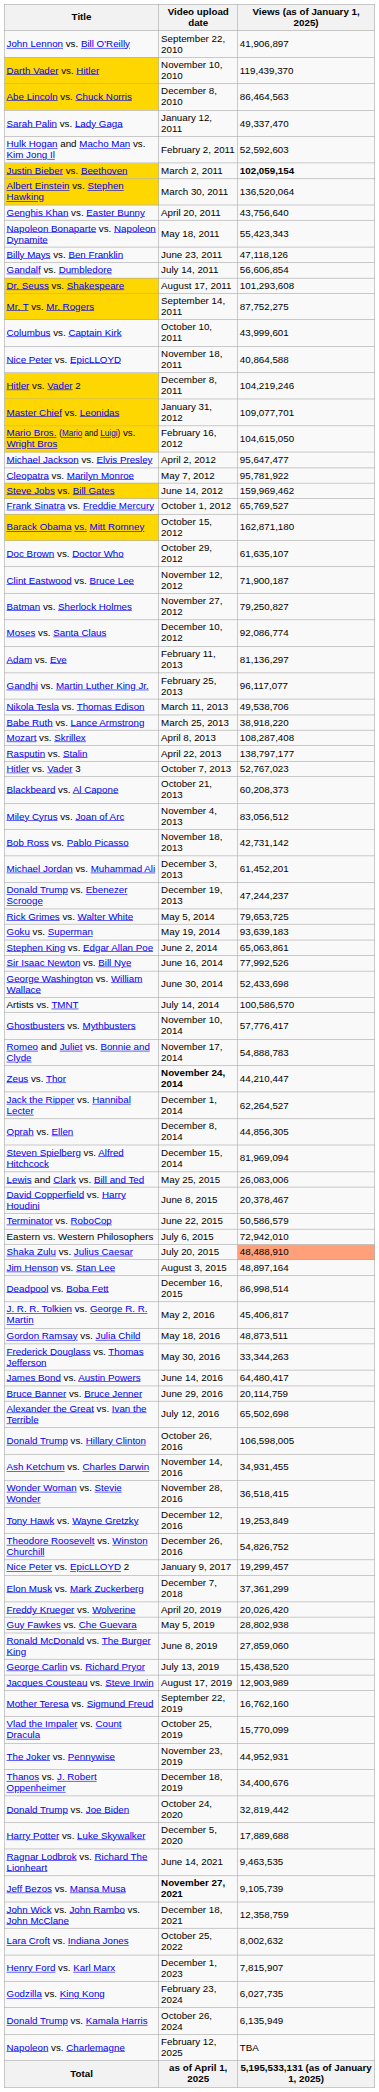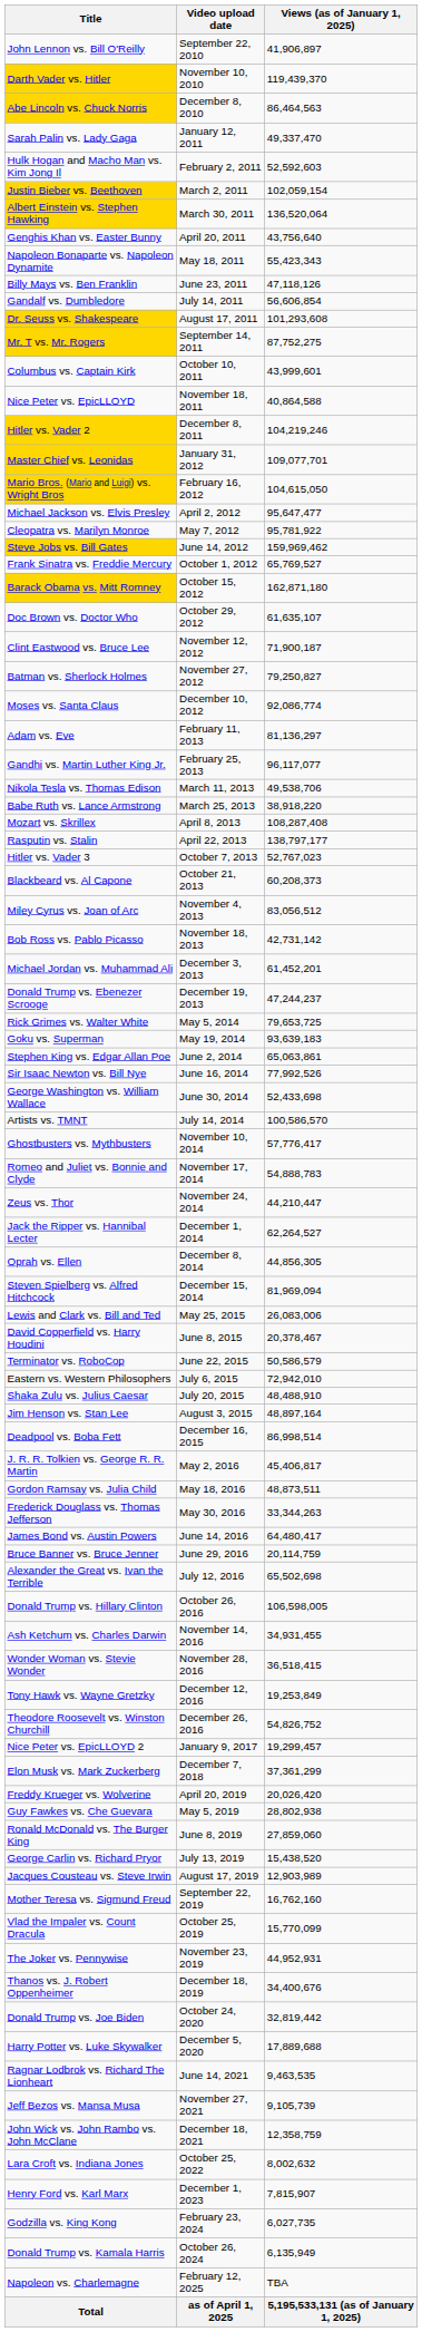 <table class="wikitable sortable collapsible">
 <tr>
 <th>Title</th>
 <th>Video upload date</th>
 <th>Views (as of January 1, 2025)</th>
 </tr>
 <tr>
 <td><a href='#'>John Lennon</a> vs. <a href='#'>Bill O'Reilly</a></td>
 <td>September 22, 2010</td>
 <td>41,906,897</td>
 </tr>
 <tr>
 <td style="background-color:#FFD700"><a href='#'>Darth Vader</a> vs. <a href='#'>Hitler</a></td>
 <td>November 10, 2010</td>
 <td>119,439,370</td>
 </tr>
 <tr>
 <td style="background-color:#FFD700"><a href='#'>Abe Lincoln</a> vs. <a href='#'>Chuck Norris</a></td>
 <td>December 8, 2010</td>
 <td>86,464,563</td>
 </tr>
 <tr>
 <td><a href='#'>Sarah Palin</a> vs. <a href='#'>Lady Gaga</a></td>
 <td>January 12, 2011</td>
 <td>49,337,470</td>
 </tr>
 <tr>
 <td><a href='#'>Hulk Hogan</a> and <a href='#'>Macho Man</a> vs. <a href='#'>Kim Jong Il</a></td>
 <td>February 2, 2011</td>
 <td>52,592,603</td>
 </tr>
 <tr>
 <td style="background-color:#FFD700"><a href='#'>Justin Bieber</a> vs. <a href='#'>Beethoven</a></td>
 <td>March 2, 2011</td>
-<td><strong>102,059,154</strong></td>
+<td>102,059,154</td>
 </tr>
 <tr>
 <td style="background-color:#FFD700"><a href='#'>Albert Einstein</a> vs. <a href='#'>Stephen Hawking</a></td>
 <td>March 30, 2011</td>
 <td>136,520,064</td>
 </tr>
 <tr>
 <td><a href='#'>Genghis Khan</a> vs. <a href='#'>Easter Bunny</a></td>
 <td>April 20, 2011</td>
 <td>43,756,640</td>
 </tr>
 <tr>
 <td><a href='#'>Napoleon Bonaparte</a> vs. <a href='#'>Napoleon Dynamite</a></td>
 <td>May 18, 2011</td>
 <td>55,423,343</td>
 </tr>
 <tr>
 <td><a href='#'>Billy Mays</a> vs. <a href='#'>Ben Franklin</a></td>
 <td>June 23, 2011</td>
 <td>47,118,126</td>
 </tr>
 <tr>
 <td><a href='#'>Gandalf</a> vs. <a href='#'>Dumbledore</a></td>
 <td>July 14, 2011</td>
 <td>56,606,854</td>
 </tr>
 <tr>
 <td style="background-color:#FFD700"><a href='#'>Dr. Seuss</a> vs. <a href='#'>Shakespeare</a></td>
 <td>August 17, 2011</td>
 <td>101,293,608</td>
 </tr>
 <tr>
 <td style="background-color:#FFD700"><a href='#'>Mr. T</a> vs. <a href='#'>Mr. Rogers</a></td>
 <td>September 14, 2011</td>
 <td>87,752,275</td>
 </tr>
 <tr>
 <td><a href='#'>Columbus</a> vs. <a href='#'>Captain Kirk</a></td>
 <td>October 10, 2011</td>
 <td>43,999,601</td>
 </tr>
 <tr>
 <td><a href='#'>Nice Peter</a> vs. <a href='#'>EpicLLOYD</a></td>
 <td>November 18, 2011</td>
 <td>40,864,588</td>
 </tr>
 <tr>
 <td style="background-color:#FFD700"><a href='#'>Hitler</a> vs. <a href='#'>Vader</a> 2</td>
 <td>December 8, 2011</td>
 <td>104,219,246</td>
 </tr>
 <tr>
 <td style="background-color:#FFD700"><a href='#'>Master Chief</a> vs. <a href='#'>Leonidas</a></td>
 <td>January 31, 2012</td>
 <td>109,077,701</td>
 </tr>
 <tr>
 <td style="background-color:#FFD700"><a href='#'>Mario Bros.</a> <small>(<a href='#'>Mario</a> and <a href='#'>Luigi</a>)</small> vs. <a href='#'>Wright Bros</a></td>
 <td>February 16, 2012</td>
 <td>104,615,050</td>
 </tr>
 <tr>
 <td><a href='#'>Michael Jackson</a> vs. <a href='#'>Elvis Presley</a></td>
 <td>April 2, 2012</td>
 <td>95,647,477</td>
 </tr>
 <tr>
 <td><a href='#'>Cleopatra</a> vs. <a href='#'>Marilyn Monroe</a></td>
 <td>May 7, 2012</td>
 <td>95,781,922</td>
 </tr>
 <tr>
 <td style="background-color:#FFD700"><a href='#'>Steve Jobs</a> vs. <a href='#'>Bill Gates</a></td>
 <td>June 14, 2012</td>
 <td>159,969,462</td>
 </tr>
 <tr>
 <td><a href='#'>Frank Sinatra</a> vs. <a href='#'>Freddie Mercury</a></td>
 <td>October 1, 2012</td>
 <td>65,769,527</td>
 </tr>
 <tr>
 <td style="background-color:#FFD700"><a href='#'>Barack Obama</a> <a href='#'>vs.</a> <a href='#'>Mitt Romney</a></td>
 <td>October 15, 2012</td>
 <td>162,871,180</td>
 </tr>
 <tr>
 <td><a href='#'>Doc Brown</a> vs. <a href='#'>Doctor Who</a></td>
 <td>October 29, 2012</td>
 <td>61,635,107</td>
 </tr>
 <tr>
 <td><a href='#'>Clint Eastwood</a> vs. <a href='#'>Bruce Lee</a></td>
 <td>November 12, 2012</td>
 <td>71,900,187</td>
 </tr>
 <tr>
 <td><a href='#'>Batman</a> vs. <a href='#'>Sherlock Holmes</a></td>
 <td>November 27, 2012</td>
 <td>79,250,827</td>
 </tr>
 <tr>
 <td><a href='#'>Moses</a> vs. <a href='#'>Santa Claus</a></td>
 <td>December 10, 2012</td>
 <td>92,086,774</td>
 </tr>
 <tr>
 <td><a href='#'>Adam</a> vs. <a href='#'>Eve</a></td>
 <td>February 11, 2013</td>
 <td>81,136,297</td>
 </tr>
 <tr>
 <td><a href='#'>Gandhi</a> vs. <a href='#'>Martin Luther King Jr.</a></td>
 <td>February 25, 2013</td>
 <td>96,117,077</td>
 </tr>
 <tr>
 <td><a href='#'>Nikola Tesla</a> vs. <a href='#'>Thomas Edison</a></td>
 <td>March 11, 2013</td>
 <td>49,538,706</td>
 </tr>
 <tr>
 <td><a href='#'>Babe Ruth</a> vs. <a href='#'>Lance Armstrong</a></td>
 <td>March 25, 2013</td>
 <td>38,918,220</td>
 </tr>
 <tr>
 <td><a href='#'>Mozart</a> vs. <a href='#'>Skrillex</a></td>
 <td>April 8, 2013</td>
 <td>108,287,408</td>
 </tr>
 <tr>
 <td><a href='#'>Rasputin</a> vs. <a href='#'>Stalin</a></td>
 <td>April 22, 2013</td>
 <td>138,797,177</td>
 </tr>
 <tr>
 <td><a href='#'>Hitler</a> vs. <a href='#'>Vader</a> 3</td>
 <td>October 7, 2013</td>
 <td>52,767,023</td>
 </tr>
 <tr>
 <td><a href='#'>Blackbeard</a> vs. <a href='#'>Al Capone</a></td>
 <td>October 21, 2013</td>
 <td>60,208,373</td>
 </tr>
 <tr>
 <td><a href='#'>Miley Cyrus</a> vs. <a href='#'>Joan of Arc</a></td>
 <td>November 4, 2013</td>
 <td>83,056,512</td>
 </tr>
 <tr>
 <td><a href='#'>Bob Ross</a> vs. <a href='#'>Pablo Picasso</a></td>
 <td>November 18, 2013</td>
 <td>42,731,142</td>
 </tr>
 <tr>
 <td><a href='#'>Michael Jordan</a> vs. <a href='#'>Muhammad Ali</a></td>
 <td>December 3, 2013</td>
 <td>61,452,201</td>
 </tr>
 <tr>
 <td><a href='#'>Donald Trump</a> vs. <a href='#'>Ebenezer Scrooge</a></td>
 <td>December 19, 2013</td>
 <td>47,244,237</td>
 </tr>
 <tr>
 <td><a href='#'>Rick Grimes</a> vs. <a href='#'>Walter White</a></td>
 <td>May 5, 2014</td>
 <td>79,653,725</td>
 </tr>
 <tr>
 <td><a href='#'>Goku</a> vs. <a href='#'>Superman</a></td>
 <td>May 19, 2014</td>
 <td>93,639,183</td>
 </tr>
 <tr>
 <td><a href='#'>Stephen King</a> vs. <a href='#'>Edgar Allan Poe</a></td>
 <td>June 2, 2014</td>
 <td>65,063,861</td>
 </tr>
 <tr>
 <td><a href='#'>Sir Isaac Newton</a> vs. <a href='#'>Bill Nye</a></td>
 <td>June 16, 2014</td>
 <td>77,992,526</td>
 </tr>
 <tr>
 <td><a href='#'>George Washington</a> vs. <a href='#'>William Wallace</a></td>
 <td>June 30, 2014</td>
 <td>52,433,698</td>
 </tr>
 <tr>
 <td>Artists vs. <a href='#'>TMNT</a></td>
 <td>July 14, 2014</td>
 <td>100,586,570</td>
 </tr>
 <tr>
 <td><a href='#'>Ghostbusters</a> vs. <a href='#'>Mythbusters</a></td>
 <td>November 10, 2014</td>
 <td>57,776,417</td>
 </tr>
 <tr>
 <td><a href='#'>Romeo</a> and <a href='#'>Juliet</a> vs. <a href='#'>Bonnie and Clyde</a></td>
 <td>November 17, 2014</td>
 <td>54,888,783</td>
 </tr>
 <tr>
 <td><a href='#'>Zeus</a> vs. <a href='#'>Thor</a></td>
-<td><strong>November 24, 2014</strong></td>
+<td>November 24, 2014</td>
 <td>44,210,447</td>
 </tr>
 <tr>
 <td><a href='#'>Jack the Ripper</a> vs. <a href='#'>Hannibal Lecter</a></td>
 <td>December 1, 2014</td>
 <td>62,264,527</td>
 </tr>
 <tr>
 <td><a href='#'>Oprah</a> vs. <a href='#'>Ellen</a></td>
 <td>December 8, 2014</td>
 <td>44,856,305</td>
 </tr>
 <tr>
 <td><a href='#'>Steven Spielberg</a> vs. <a href='#'>Alfred Hitchcock</a></td>
 <td>December 15, 2014</td>
 <td>81,969,094</td>
 </tr>
 <tr>
 <td><a href='#'>Lewis</a> and <a href='#'>Clark</a> vs. <a href='#'>Bill and Ted</a></td>
 <td>May 25, 2015</td>
 <td>26,083,006</td>
 </tr>
 <tr>
 <td><a href='#'>David Copperfield</a> vs. <a href='#'>Harry Houdini</a></td>
 <td>June 8, 2015</td>
 <td>20,378,467</td>
 </tr>
 <tr>
 <td><a href='#'>Terminator</a> vs. <a href='#'>RoboCop</a></td>
 <td>June 22, 2015</td>
 <td>50,586,579</td>
 </tr>
 <tr>
 <td>Eastern vs. Western Philosophers</td>
 <td>July 6, 2015</td>
 <td>72,942,010</td>
 </tr>
 <tr>
 <td><a href='#'>Shaka Zulu</a> vs. <a href='#'>Julius Caesar</a></td>
 <td>July 20, 2015</td>
-<td style="background: lightsalmon;">48,488,910</td>
+<td>48,488,910</td>
 </tr>
 <tr>
 <td><a href='#'>Jim Henson</a> vs. <a href='#'>Stan Lee</a></td>
 <td>August 3, 2015</td>
 <td>48,897,164</td>
 </tr>
 <tr>
 <td><a href='#'>Deadpool</a> vs. <a href='#'>Boba Fett</a></td>
 <td>December 16, 2015</td>
 <td>86,998,514</td>
 </tr>
 <tr>
 <td><a href='#'>J. R. R. Tolkien</a> vs. <a href='#'>George R. R. Martin</a></td>
 <td>May 2, 2016</td>
 <td>45,406,817</td>
 </tr>
 <tr>
 <td><a href='#'>Gordon Ramsay</a> vs. <a href='#'>Julia Child</a></td>
 <td>May 18, 2016</td>
 <td>48,873,511</td>
 </tr>
 <tr>
 <td><a href='#'>Frederick Douglass</a> vs. <a href='#'>Thomas Jefferson</a></td>
 <td>May 30, 2016</td>
 <td>33,344,263</td>
 </tr>
 <tr>
 <td><a href='#'>James Bond</a> vs. <a href='#'>Austin Powers</a></td>
 <td>June 14, 2016</td>
 <td>64,480,417</td>
 </tr>
 <tr>
 <td><a href='#'>Bruce Banner</a> vs. <a href='#'>Bruce Jenner</a></td>
 <td>June 29, 2016</td>
 <td>20,114,759</td>
 </tr>
 <tr>
 <td><a href='#'>Alexander the Great</a> vs. <a href='#'>Ivan the Terrible</a></td>
 <td>July 12, 2016</td>
 <td>65,502,698</td>
 </tr>
 <tr>
 <td><a href='#'>Donald Trump</a> vs. <a href='#'>Hillary Clinton</a></td>
 <td>October 26, 2016</td>
 <td>106,598,005</td>
 </tr>
 <tr>
 <td><a href='#'>Ash Ketchum</a> vs. <a href='#'>Charles Darwin</a></td>
 <td>November 14, 2016</td>
 <td>34,931,455</td>
 </tr>
 <tr>
 <td><a href='#'>Wonder Woman</a> vs. <a href='#'>Stevie Wonder</a></td>
 <td>November 28, 2016</td>
 <td>36,518,415</td>
 </tr>
 <tr>
 <td><a href='#'>Tony Hawk</a> vs. <a href='#'>Wayne Gretzky</a></td>
 <td>December 12, 2016</td>
 <td>19,253,849</td>
 </tr>
 <tr>
 <td><a href='#'>Theodore Roosevelt</a> vs. <a href='#'>Winston Churchill</a></td>
 <td>December 26, 2016</td>
 <td>54,826,752</td>
 </tr>
 <tr>
 <td><a href='#'>Nice Peter</a> vs. <a href='#'>EpicLLOYD</a> 2</td>
 <td>January 9, 2017</td>
 <td>19,299,457</td>
 </tr>
 <tr>
 <td><a href='#'>Elon Musk</a> vs. <a href='#'>Mark Zuckerberg</a></td>
 <td>December 7, 2018</td>
 <td>37,361,299</td>
 </tr>
 <tr>
 <td><a href='#'>Freddy Krueger</a> vs. <a href='#'>Wolverine</a></td>
 <td>April 20, 2019</td>
 <td>20,026,420</td>
 </tr>
 <tr>
 <td><a href='#'>Guy Fawkes</a> vs. <a href='#'>Che Guevara</a></td>
 <td>May 5, 2019</td>
 <td>28,802,938</td>
 </tr>
 <tr>
 <td><a href='#'>Ronald McDonald</a> vs. <a href='#'>The Burger King</a></td>
 <td>June 8, 2019</td>
 <td>27,859,060</td>
 </tr>
 <tr>
 <td><a href='#'>George Carlin</a> vs. <a href='#'>Richard Pryor</a></td>
 <td>July 13, 2019</td>
 <td>15,438,520</td>
 </tr>
 <tr>
 <td><a href='#'>Jacques Cousteau</a> vs. <a href='#'>Steve Irwin</a></td>
 <td>August 17, 2019</td>
 <td>12,903,989</td>
 </tr>
 <tr>
 <td><a href='#'>Mother Teresa</a> vs. <a href='#'>Sigmund Freud</a></td>
 <td>September 22, 2019</td>
 <td>16,762,160</td>
 </tr>
 <tr>
 <td><a href='#'>Vlad the Impaler</a> vs. <a href='#'>Count Dracula</a></td>
 <td>October 25, 2019</td>
 <td>15,770,099</td>
 </tr>
 <tr>
 <td><a href='#'>The Joker</a> vs. <a href='#'>Pennywise</a></td>
 <td>November 23, 2019</td>
 <td>44,952,931</td>
 </tr>
 <tr>
 <td><a href='#'>Thanos</a> vs. <a href='#'>J. Robert Oppenheimer</a></td>
 <td>December 18, 2019</td>
 <td>34,400,676</td>
 </tr>
 <tr>
 <td><a href='#'>Donald Trump</a> vs. <a href='#'>Joe Biden</a></td>
 <td>October 24, 2020</td>
 <td>32,819,442</td>
 </tr>
 <tr>
 <td><a href='#'>Harry Potter</a> vs. <a href='#'>Luke Skywalker</a></td>
 <td>December 5, 2020</td>
 <td>17,889,688</td>
 </tr>
 <tr>
 <td><a href='#'>Ragnar Lodbrok</a> vs. <a href='#'>Richard The Lionheart</a></td>
 <td>June 14, 2021</td>
 <td>9,463,535</td>
 </tr>
 <tr>
 <td><a href='#'>Jeff Bezos</a> vs. <a href='#'>Mansa Musa</a></td>
-<td><strong>November 27, 2021</strong></td>
+<td>November 27, 2021</td>
 <td>9,105,739</td>
 </tr>
 <tr>
 <td><a href='#'>John Wick</a> vs. <a href='#'>John Rambo</a> vs. <a href='#'>John McClane</a></td>
 <td>December 18, 2021</td>
 <td>12,358,759</td>
 </tr>
 <tr>
 <td><a href='#'>Lara Croft</a> vs. <a href='#'>Indiana Jones</a></td>
 <td>October 25, 2022</td>
 <td>8,002,632</td>
 </tr>
 <tr>
 <td><a href='#'>Henry Ford</a> vs. <a href='#'>Karl Marx</a></td>
 <td>December 1, 2023</td>
 <td>7,815,907</td>
 </tr>
 <tr>
 <td><a href='#'>Godzilla</a> vs. <a href='#'>King Kong</a></td>
 <td>February 23, 2024</td>
 <td>6,027,735</td>
 </tr>
 <tr>
 <td><a href='#'>Donald Trump</a> vs. <a href='#'>Kamala Harris</a></td>
 <td>October 26, 2024</td>
 <td>6,135,949</td>
 </tr>
 <tr>
 <td><a href='#'>Napoleon</a> vs. <a href='#'>Charlemagne</a></td>
 <td>February 12, 2025</td>
 <td>TBA</td>
 </tr>
 <tr>
 <th>Total</th>
 <th>as of April 1, 2025</th>
 <th>5,195,533,131 (as of January 1, 2025)</th>
 </tr>
 </table>
